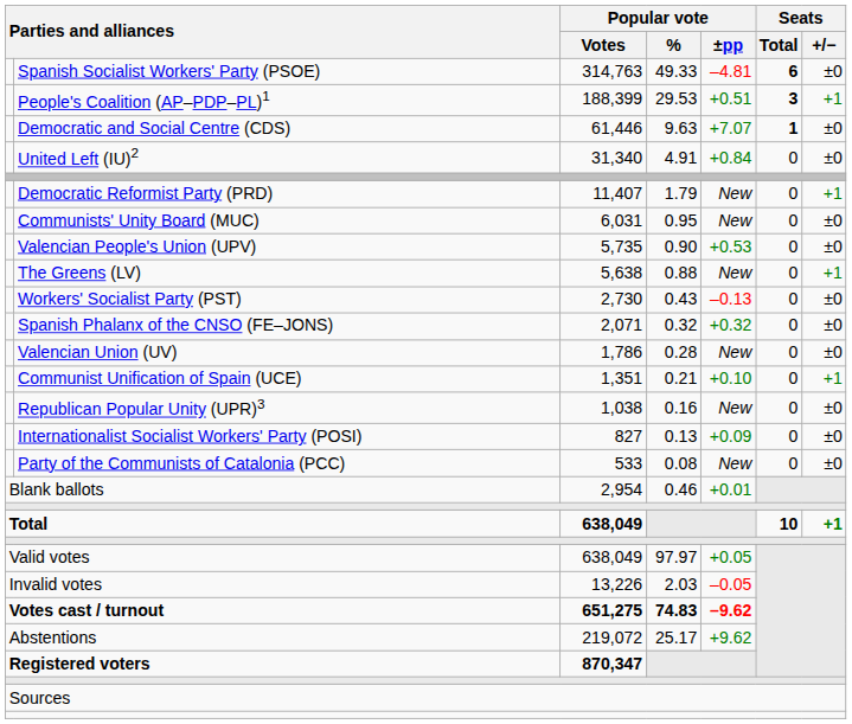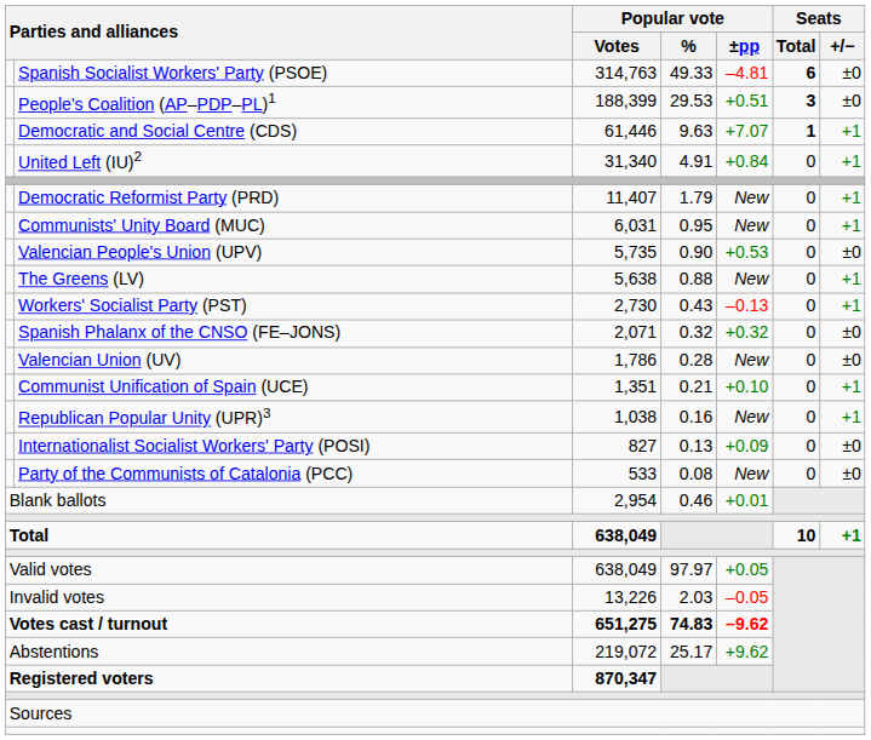 <table class="wikitable" style="text-align:right;">
 <tr>
 <th style="text-align:left;" rowspan="2" colspan="2" width="525">Parties and alliances</th>
 <th colspan="3">Popular vote</th>
 <th colspan="2">Seats</th>
 </tr>
 <tr>
 <th width="75">Votes</th>
 <th width="45">%</th>
 <th width="45">±<a href='#'>pp</a></th>
 <th width="35">Total</th>
 <th width="35">+/−</th>
 </tr>
 <tr>
 <td width="1" style="color:inherit;background:"></td>
 <td align="left"><a href='#'>Spanish Socialist Workers' Party</a> (PSOE)</td>
 <td>314,763</td>
 <td>49.33</td>
 <td style="color:red;">–4.81</td>
 <td><strong>6</strong></td>
 <td>±0</td>
 </tr>
 <tr>
 <td style="color:inherit;background:"></td>
 <td align="left"><a href='#'>People's Coalition</a> (<a href='#'>AP</a>–<a href='#'>PDP</a>–<a href='#'>PL</a>)<sup>1</sup></td>
 <td>188,399</td>
 <td>29.53</td>
 <td style="color:green;">+0.51</td>
 <td><strong>3</strong></td>
-<td style="color:green;">+1</td>
+<td>±0</td>
 </tr>
 <tr>
 <td style="color:inherit;background:"></td>
 <td align="left"><a href='#'>Democratic and Social Centre</a> (CDS)</td>
 <td>61,446</td>
 <td>9.63</td>
 <td style="color:green;">+7.07</td>
 <td><strong>1</strong></td>
-<td>±0</td>
+<td style="color:green;">+1</td>
 </tr>
 <tr>
 <td style="color:inherit;background:"></td>
 <td align="left"><a href='#'>United Left</a> (IU)<sup>2</sup></td>
 <td>31,340</td>
 <td>4.91</td>
 <td style="color:green;">+0.84</td>
 <td>0</td>
-<td>±0</td>
+<td style="color:green;">+1</td>
 </tr>
 <tr>
 <td colspan="7" bgcolor="#C0C0C0"></td>
 </tr>
 <tr>
 <td style="color:inherit;background:"></td>
 <td align="left"><a href='#'>Democratic Reformist Party</a> (PRD)</td>
 <td>11,407</td>
 <td>1.79</td>
 <td><em>New</em></td>
 <td>0</td>
 <td style="color:green;">+1</td>
 </tr>
 <tr>
 <td style="color:inherit;background:"></td>
 <td align="left"><a href='#'>Communists' Unity Board</a> (MUC)</td>
 <td>6,031</td>
 <td>0.95</td>
 <td><em>New</em></td>
 <td>0</td>
-<td>±0</td>
+<td style="color:green;">+1</td>
 </tr>
 <tr>
 <td style="color:inherit;background:"></td>
 <td align="left"><a href='#'>Valencian People's Union</a> (UPV)</td>
 <td>5,735</td>
 <td>0.90</td>
 <td style="color:green;">+0.53</td>
 <td>0</td>
 <td>±0</td>
 </tr>
 <tr>
 <td style="color:inherit;background:"></td>
 <td align="left"><a href='#'>The Greens</a> (LV)</td>
 <td>5,638</td>
 <td>0.88</td>
 <td><em>New</em></td>
 <td>0</td>
 <td style="color:green;">+1</td>
 </tr>
 <tr>
 <td style="color:inherit;background:"></td>
 <td align="left"><a href='#'>Workers' Socialist Party</a> (PST)</td>
 <td>2,730</td>
 <td>0.43</td>
 <td style="color:red;">–0.13</td>
 <td>0</td>
-<td>±0</td>
+<td style="color:green;">+1</td>
 </tr>
 <tr>
 <td style="color:inherit;background:"></td>
 <td align="left"><a href='#'>Spanish Phalanx of the CNSO</a> (FE–JONS)</td>
 <td>2,071</td>
 <td>0.32</td>
 <td style="color:green;">+0.32</td>
 <td>0</td>
 <td>±0</td>
 </tr>
 <tr>
 <td style="color:inherit;background:"></td>
 <td align="left"><a href='#'>Valencian Union</a> (UV)</td>
 <td>1,786</td>
 <td>0.28</td>
 <td><em>New</em></td>
 <td>0</td>
 <td>±0</td>
 </tr>
 <tr>
 <td style="color:inherit;background:"></td>
 <td align="left"><a href='#'>Communist Unification of Spain</a> (UCE)</td>
 <td>1,351</td>
 <td>0.21</td>
 <td style="color:green;">+0.10</td>
 <td>0</td>
 <td style="color:green;">+1</td>
 </tr>
 <tr>
 <td style="color:inherit;background:"></td>
 <td align="left"><a href='#'>Republican Popular Unity</a> (UPR)<sup>3</sup></td>
 <td>1,038</td>
 <td>0.16</td>
 <td><em>New</em></td>
 <td>0</td>
-<td>±0</td>
+<td style="color:green;">+1</td>
 </tr>
 <tr>
 <td style="color:inherit;background:"></td>
 <td align="left"><a href='#'>Internationalist Socialist Workers' Party</a> (POSI)</td>
 <td>827</td>
 <td>0.13</td>
 <td style="color:green;">+0.09</td>
 <td>0</td>
 <td>±0</td>
 </tr>
 <tr>
 <td style="color:inherit;background:"></td>
 <td align="left"><a href='#'>Party of the Communists of Catalonia</a> (PCC)</td>
 <td>533</td>
 <td>0.08</td>
 <td><em>New</em></td>
 <td>0</td>
 <td>±0</td>
 </tr>
 <tr>
 <td align="left" colspan="2">Blank ballots</td>
 <td>2,954</td>
 <td>0.46</td>
 <td style="color:green;">+0.01</td>
 <td bgcolor="#E9E9E9" colspan="2"></td>
 </tr>
 <tr>
 <td colspan="7" bgcolor="#E9E9E9"></td>
 </tr>
 <tr style="font-weight:bold;">
 <td align="left" colspan="2">Total</td>
 <td>638,049</td>
 <td bgcolor="#E9E9E9" colspan="2"></td>
 <td>10</td>
 <td style="color:green;">+1</td>
 </tr>
 <tr>
 <td colspan="7" bgcolor="#E9E9E9"></td>
 </tr>
 <tr>
 <td align="left" colspan="2">Valid votes</td>
 <td>638,049</td>
 <td>97.97</td>
 <td style="color:green;">+0.05</td>
 <td bgcolor="#E9E9E9" colspan="2" rowspan="5"></td>
 </tr>
 <tr>
 <td align="left" colspan="2">Invalid votes</td>
 <td>13,226</td>
 <td>2.03</td>
 <td style="color:red;">–0.05</td>
 </tr>
 <tr style="font-weight:bold;">
 <td align="left" colspan="2">Votes cast / turnout</td>
 <td>651,275</td>
 <td>74.83</td>
 <td style="color:red;">–9.62</td>
 </tr>
 <tr>
 <td align="left" colspan="2">Abstentions</td>
 <td>219,072</td>
 <td>25.17</td>
 <td style="color:green;">+9.62</td>
 </tr>
 <tr style="font-weight:bold;">
 <td align="left" colspan="2">Registered voters</td>
 <td>870,347</td>
 <td bgcolor="#E9E9E9" colspan="2"></td>
 </tr>
 <tr>
 <td colspan="7" bgcolor="#E9E9E9"></td>
 </tr>
 <tr>
 <td align="left" colspan="7">Sources</td>
 </tr>
 <tr>
 <td colspan="7" style="text-align:left; max-width:790px;"></td>
 </tr>
 </table>
